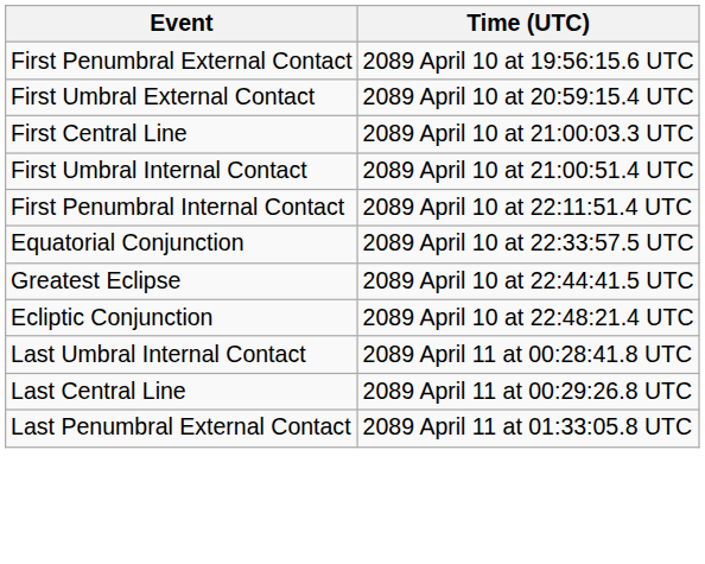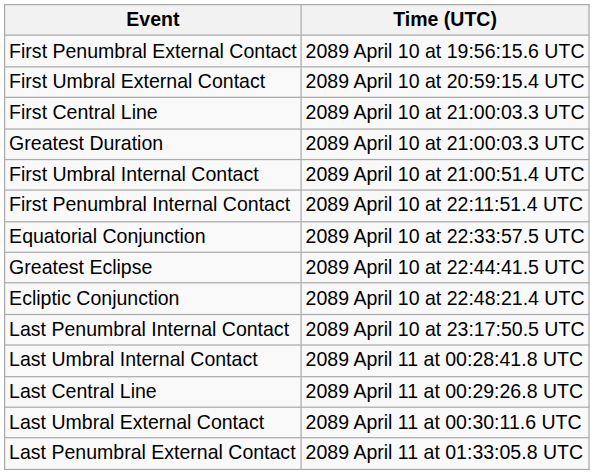 <table class="wikitable">
 <tr>
 <th>Event</th>
 <th>Time (UTC)</th>
 </tr>
 <tr>
 <td>First Penumbral External Contact</td>
 <td>2089 April 10 at 19:56:15.6 UTC</td>
 </tr>
 <tr>
 <td>First Umbral External Contact</td>
 <td>2089 April 10 at 20:59:15.4 UTC</td>
 </tr>
 <tr>
 <td>First Central Line</td>
+<td>2089 April 10 at 21:00:03.3 UTC</td>
+</tr>
+<tr>
+<td>Greatest Duration</td>
 <td>2089 April 10 at 21:00:03.3 UTC</td>
 </tr>
 <tr>
 <td>First Umbral Internal Contact</td>
 <td>2089 April 10 at 21:00:51.4 UTC</td>
 </tr>
 <tr>
 <td>First Penumbral Internal Contact</td>
 <td>2089 April 10 at 22:11:51.4 UTC</td>
 </tr>
 <tr>
 <td>Equatorial Conjunction</td>
 <td>2089 April 10 at 22:33:57.5 UTC</td>
 </tr>
 <tr>
 <td>Greatest Eclipse</td>
 <td>2089 April 10 at 22:44:41.5 UTC</td>
 </tr>
 <tr>
 <td>Ecliptic Conjunction</td>
 <td>2089 April 10 at 22:48:21.4 UTC</td>
 </tr>
 <tr>
+<td>Last Penumbral Internal Contact</td>
+<td>2089 April 10 at 23:17:50.5 UTC</td>
+</tr>
+<tr>
 <td>Last Umbral Internal Contact</td>
 <td>2089 April 11 at 00:28:41.8 UTC</td>
 </tr>
 <tr>
 <td>Last Central Line</td>
 <td>2089 April 11 at 00:29:26.8 UTC</td>
 </tr>
 <tr>
+<td>Last Umbral External Contact</td>
+<td>2089 April 11 at 00:30:11.6 UTC</td>
+</tr>
+<tr>
 <td>Last Penumbral External Contact</td>
 <td>2089 April 11 at 01:33:05.8 UTC</td>
 </tr>
 </table>
